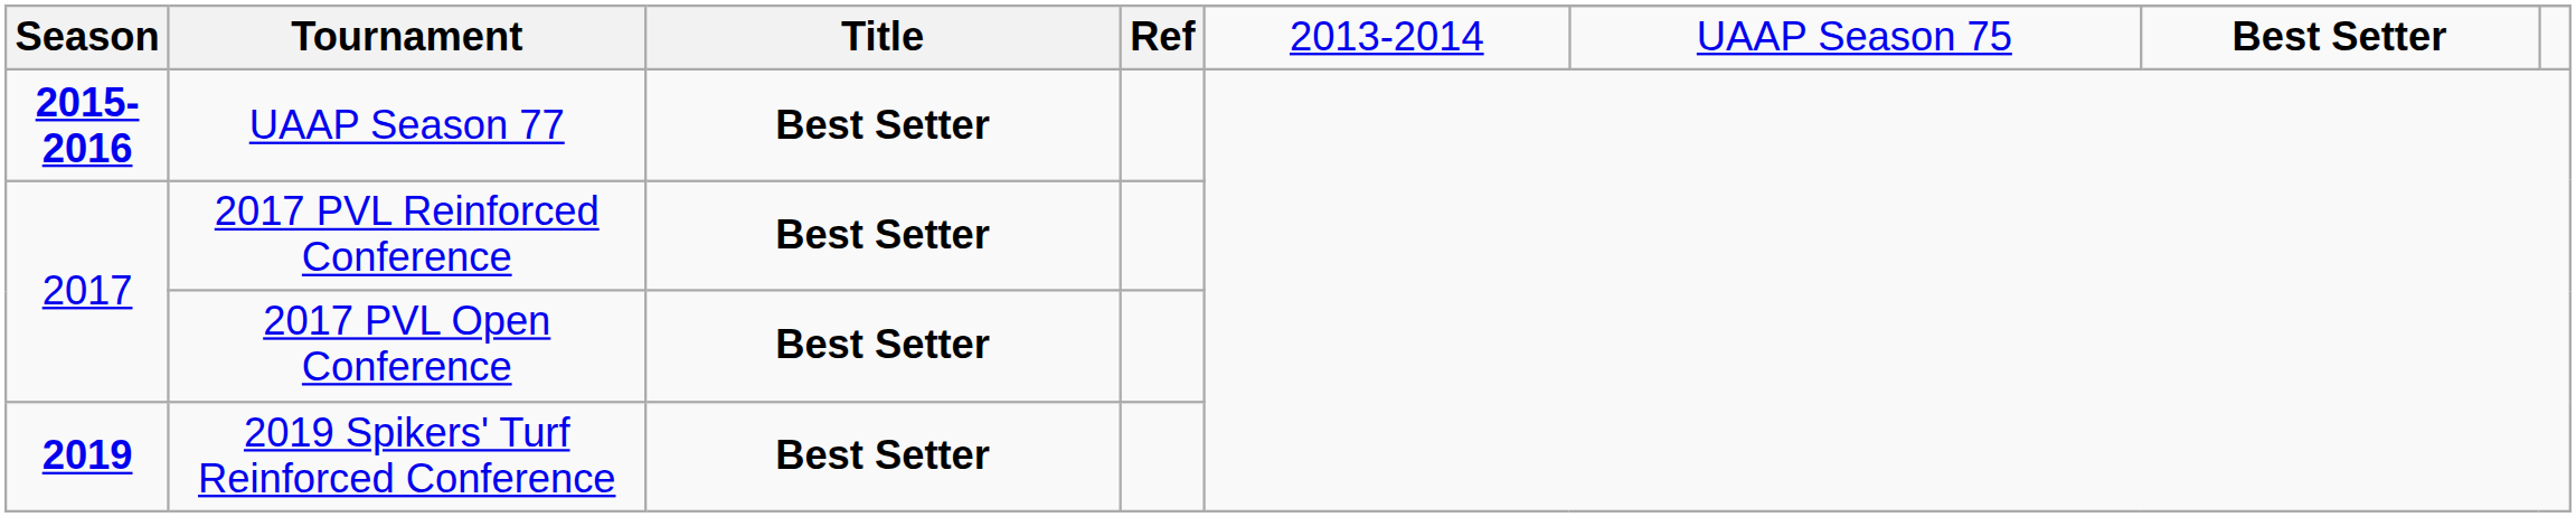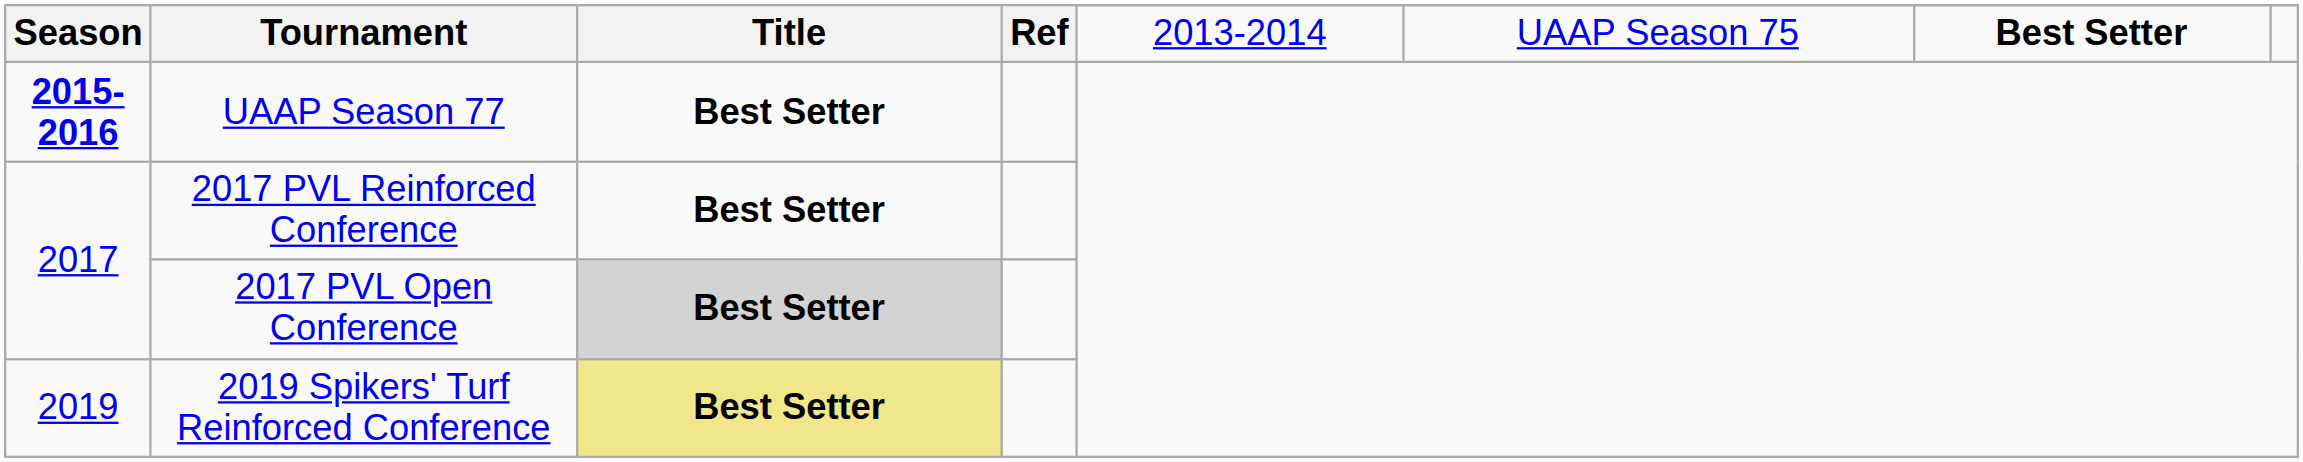 <table class="wikitable sortable" style="text-align:center" width="80%">
 <tr>
 <th style="width:25px;" rowspan="2">Season</th>
 <th style="width:180px;" rowspan="2">Tournament</th>
 <th style="width:180px;" rowspan="2">Title</th>
 <th style="width:25px;" rowspan="2">Ref</th>
 </tr>
 <tr align=center>
 <td><a href='#'>2013-2014</a></td>
 <td><a href='#'>UAAP Season 75</a></td>
 <td><strong>Best Setter</strong></td>
 <td></td>
 </tr>
 <tr align=center>
 <td><strong><a href='#'>2015-2016</a></strong></td>
 <td><a href='#'>UAAP Season 77</a></td>
 <td><strong>Best Setter</strong></td>
 <td></td>
 </tr>
 <tr align=center>
 <td rowspan=2><a href='#'>2017</a></td>
 <td><a href='#'>2017 PVL Reinforced Conference</a></td>
 <td><strong>Best Setter</strong></td>
 <td rowspan=1></td>
 </tr>
 <tr align=center>
 <td><a href='#'>2017 PVL Open Conference</a></td>
-<td><strong>Best Setter</strong></td>
+<td style="background: lightgrey;"><strong>Best Setter</strong></td>
 <td></td>
 </tr>
 <tr align=center>
-<td rowspan=1><strong><a href='#'>2019</a></strong></td>
+<td rowspan=1><a href='#'>2019</a></td>
 <td><a href='#'>2019 Spikers' Turf Reinforced Conference</a></td>
-<td><strong>Best Setter</strong></td>
+<td style="background: khaki;"><strong>Best Setter</strong></td>
 <td rowspan=1></td>
 </tr>
 </table>
